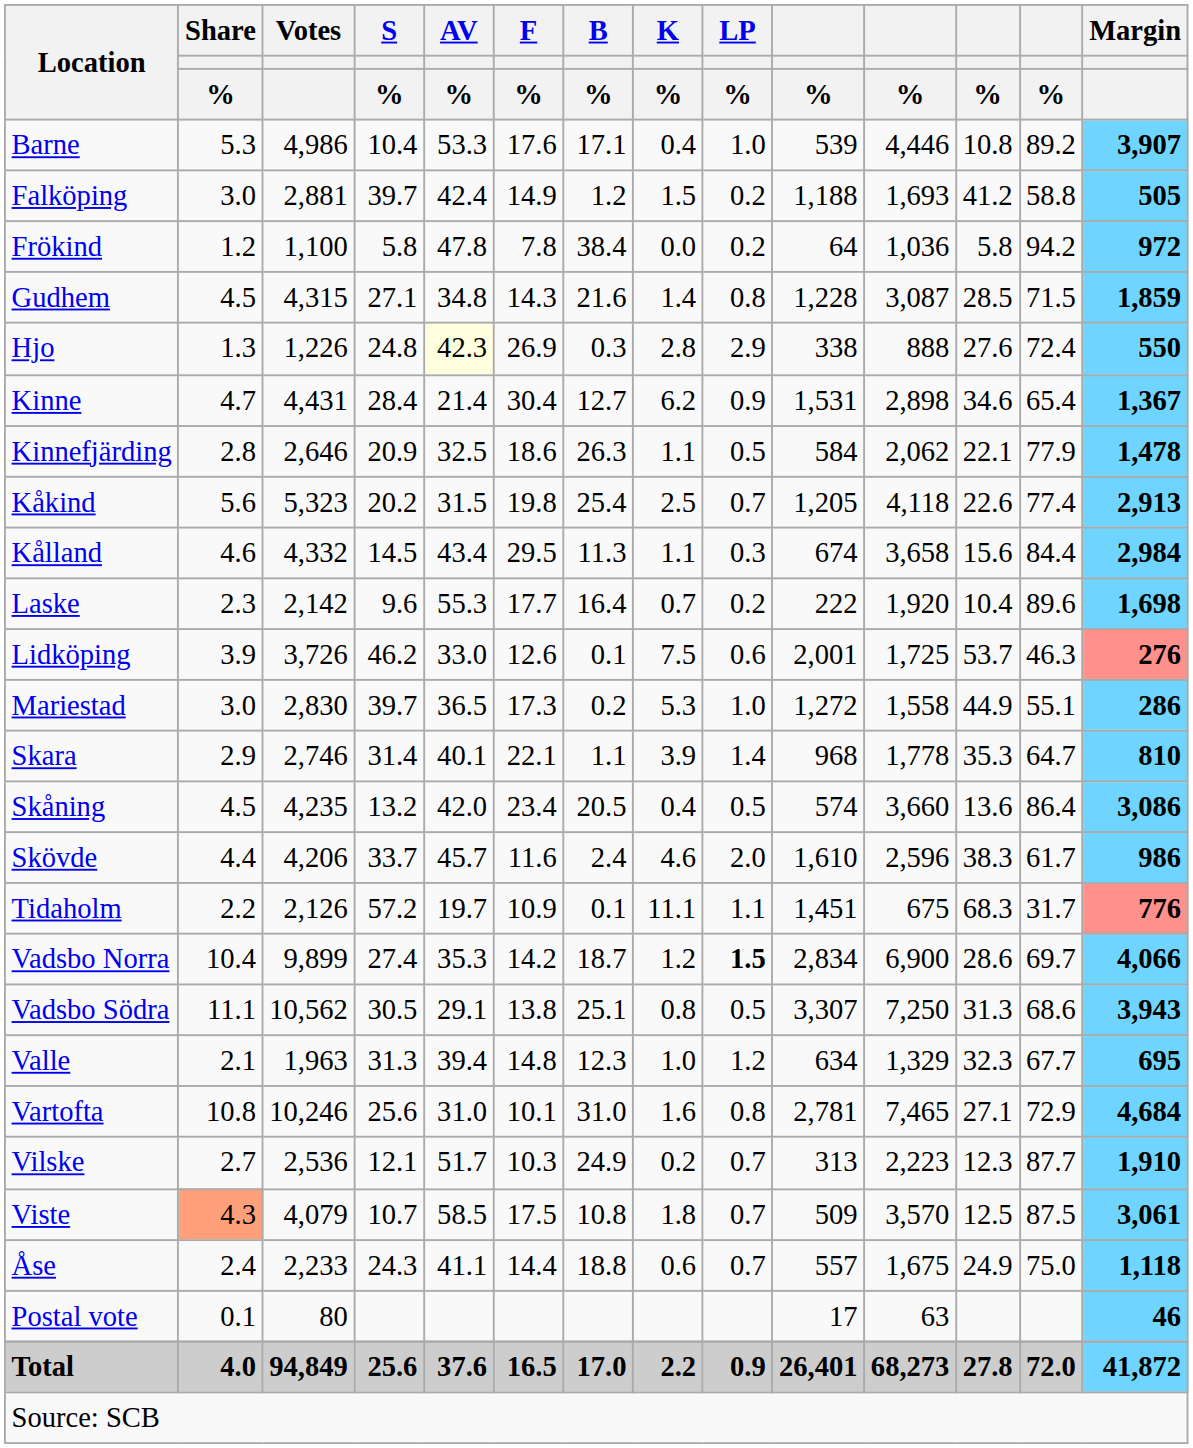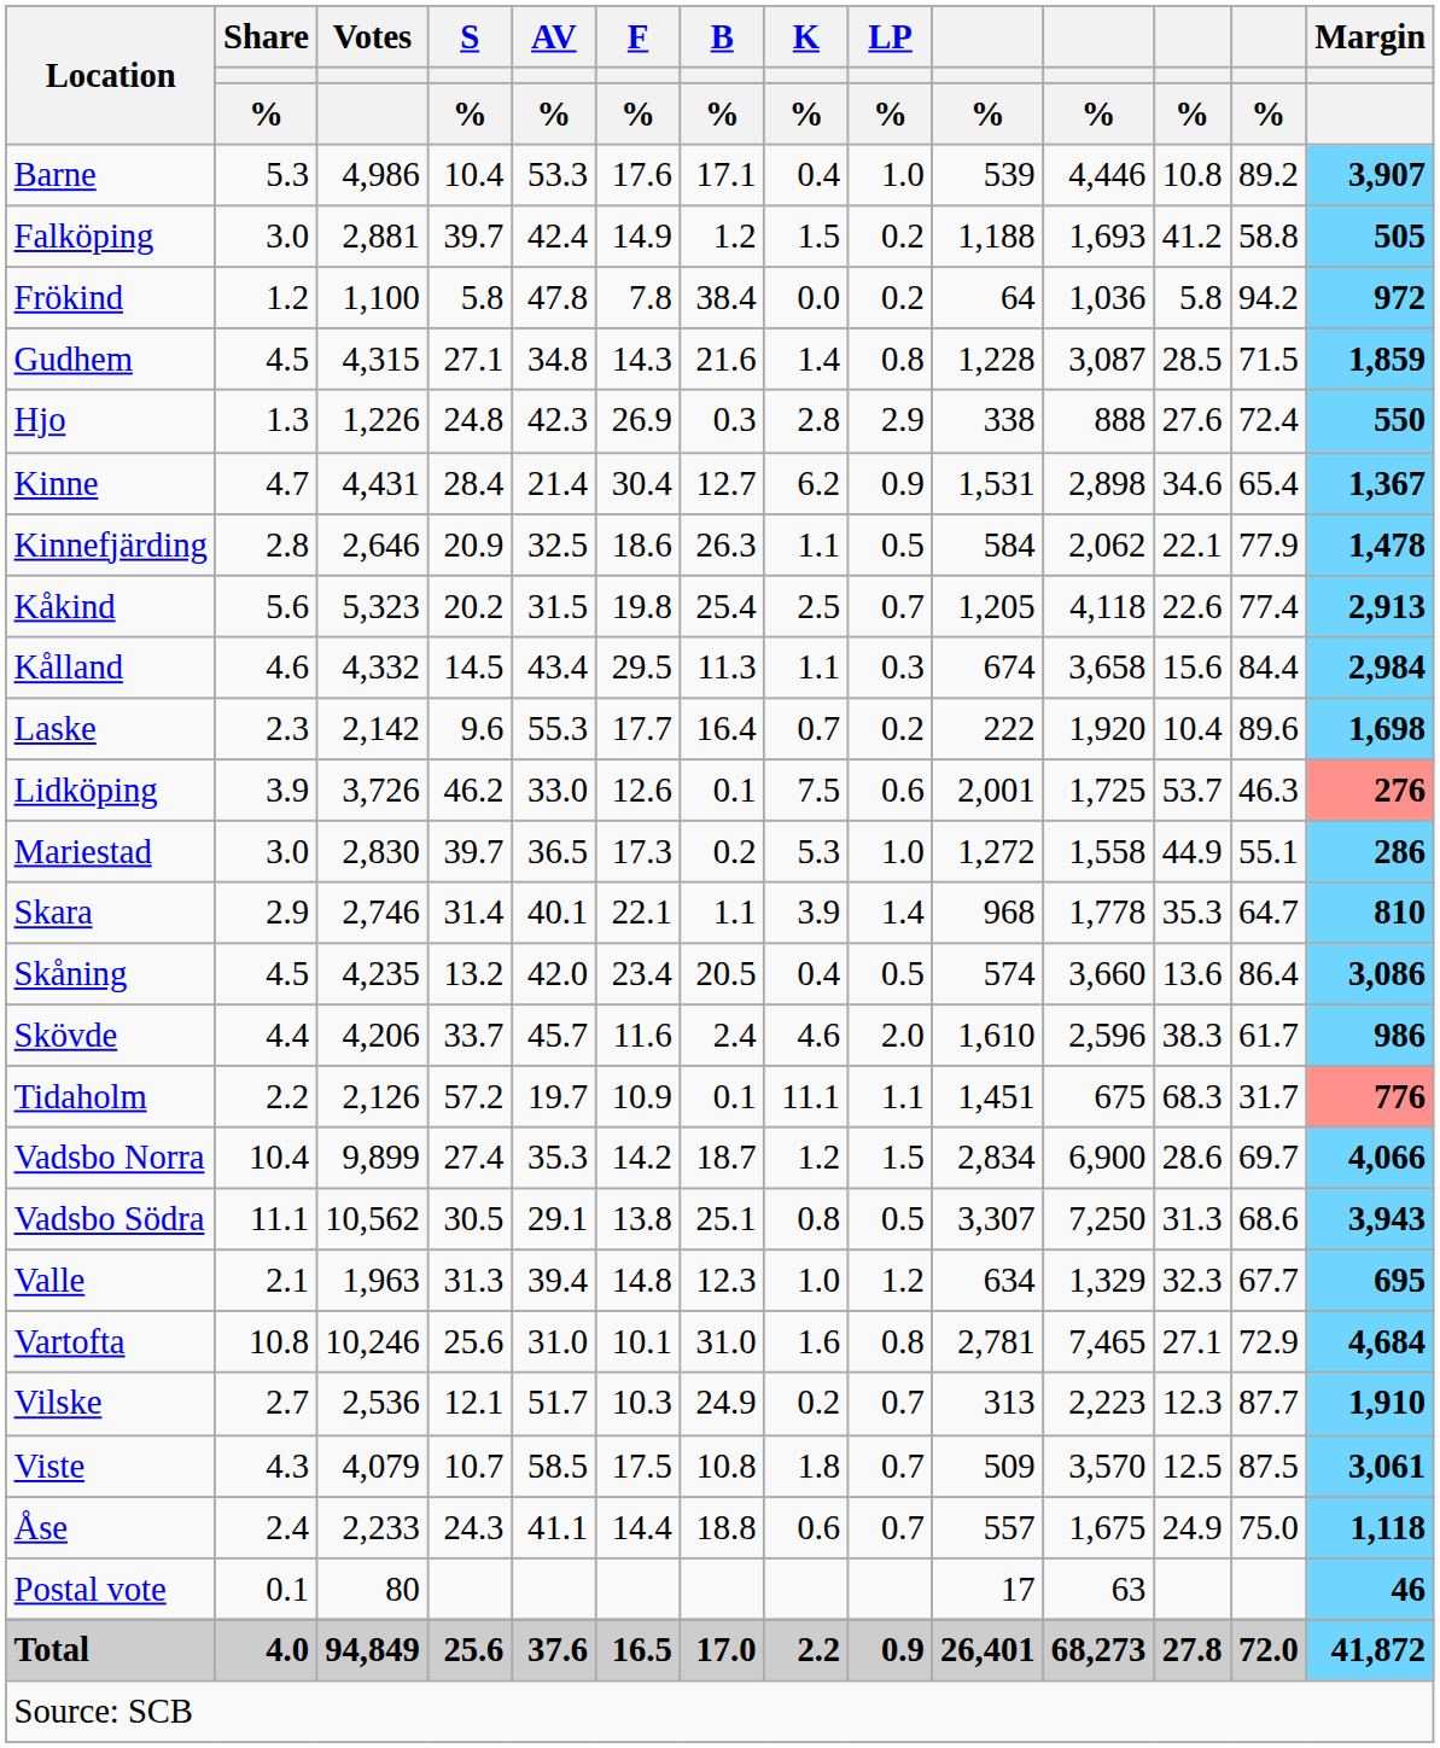 <table class="wikitable sortable" style="text-align:right; font-size:95%; line-height:20px;">
 <tr>
 <th rowspan="3">Location</th>
 <th>Share</th>
 <th>Votes</th>
 <th width="30px" class="unsortable"><a href='#'>S</a></th>
 <th width="30px" class="unsortable"><a href='#'>AV</a></th>
 <th width="30px" class="unsortable"><a href='#'>F</a></th>
 <th width="30px" class="unsortable"><a href='#'>B</a></th>
 <th width="30px" class="unsortable"><a href='#'>K</a></th>
 <th width="30px" class="unsortable"><a href='#'>LP</a></th>
 <th></th>
 <th></th>
 <th></th>
 <th></th>
 <th>Margin</th>
 </tr>
 <tr>
 <th></th>
 <th></th>
 <th style="background:"></th>
 <th style="background:"></th>
 <th style="background:"></th>
 <th style="background:"></th>
 <th style="background:"></th>
 <th style="background:"></th>
 <th style="background:"></th>
 <th style="background:"></th>
 <th style="background:"></th>
 <th style="background:"></th>
 <th></th>
 </tr>
 <tr>
 <th data-sort-type="number">%</th>
 <th></th>
 <th data-sort-type="number">%</th>
 <th data-sort-type="number">%</th>
 <th data-sort-type="number">%</th>
 <th data-sort-type="number">%</th>
 <th data-sort-type="number">%</th>
 <th data-sort-type="number">%</th>
 <th data-sort-type="number">%</th>
 <th data-sort-type="number">%</th>
 <th data-sort-type="number">%</th>
 <th data-sort-type="number">%</th>
 <th></th>
 </tr>
 <tr>
 <td align=left><a href='#'>Barne</a></td>
 <td>5.3</td>
 <td>4,986</td>
 <td>10.4</td>
 <td>53.3</td>
 <td>17.6</td>
 <td>17.1</td>
 <td>0.4</td>
 <td>1.0</td>
 <td>539</td>
 <td>4,446</td>
 <td>10.8</td>
 <td>89.2</td>
 <td bgcolor=#6fd5fe><strong>3,907</strong></td>
 </tr>
 <tr>
 <td align=left><a href='#'>Falköping</a></td>
 <td>3.0</td>
 <td>2,881</td>
 <td>39.7</td>
 <td>42.4</td>
 <td>14.9</td>
 <td>1.2</td>
 <td>1.5</td>
 <td>0.2</td>
 <td>1,188</td>
 <td>1,693</td>
 <td>41.2</td>
 <td>58.8</td>
 <td bgcolor=#6fd5fe><strong>505</strong></td>
 </tr>
 <tr>
 <td align=left><a href='#'>Frökind</a></td>
 <td>1.2</td>
 <td>1,100</td>
 <td>5.8</td>
 <td>47.8</td>
 <td>7.8</td>
 <td>38.4</td>
 <td>0.0</td>
 <td>0.2</td>
 <td>64</td>
 <td>1,036</td>
 <td>5.8</td>
 <td>94.2</td>
 <td bgcolor=#6fd5fe><strong>972</strong></td>
 </tr>
 <tr>
 <td align=left><a href='#'>Gudhem</a></td>
 <td>4.5</td>
 <td>4,315</td>
 <td>27.1</td>
 <td>34.8</td>
 <td>14.3</td>
 <td>21.6</td>
 <td>1.4</td>
 <td>0.8</td>
 <td>1,228</td>
 <td>3,087</td>
 <td>28.5</td>
 <td>71.5</td>
 <td bgcolor=#6fd5fe><strong>1,859</strong></td>
 </tr>
 <tr>
 <td align=left><a href='#'>Hjo</a></td>
 <td>1.3</td>
 <td>1,226</td>
 <td>24.8</td>
-<td style="background: lightyellow;">42.3</td>
+<td>42.3</td>
 <td>26.9</td>
 <td>0.3</td>
 <td>2.8</td>
 <td>2.9</td>
 <td>338</td>
 <td>888</td>
 <td>27.6</td>
 <td>72.4</td>
 <td bgcolor=#6fd5fe><strong>550</strong></td>
 </tr>
 <tr>
 <td align=left><a href='#'>Kinne</a></td>
 <td>4.7</td>
 <td>4,431</td>
 <td>28.4</td>
 <td>21.4</td>
 <td>30.4</td>
 <td>12.7</td>
 <td>6.2</td>
 <td>0.9</td>
 <td>1,531</td>
 <td>2,898</td>
 <td>34.6</td>
 <td>65.4</td>
 <td bgcolor=#6fd5fe><strong>1,367</strong></td>
 </tr>
 <tr>
 <td align=left><a href='#'>Kinnefjärding</a></td>
 <td>2.8</td>
 <td>2,646</td>
 <td>20.9</td>
 <td>32.5</td>
 <td>18.6</td>
 <td>26.3</td>
 <td>1.1</td>
 <td>0.5</td>
 <td>584</td>
 <td>2,062</td>
 <td>22.1</td>
 <td>77.9</td>
 <td bgcolor=#6fd5fe><strong>1,478</strong></td>
 </tr>
 <tr>
 <td align=left><a href='#'>Kåkind</a></td>
 <td>5.6</td>
 <td>5,323</td>
 <td>20.2</td>
 <td>31.5</td>
 <td>19.8</td>
 <td>25.4</td>
 <td>2.5</td>
 <td>0.7</td>
 <td>1,205</td>
 <td>4,118</td>
 <td>22.6</td>
 <td>77.4</td>
 <td bgcolor=#6fd5fe><strong>2,913</strong></td>
 </tr>
 <tr>
 <td align=left><a href='#'>Kålland</a></td>
 <td>4.6</td>
 <td>4,332</td>
 <td>14.5</td>
 <td>43.4</td>
 <td>29.5</td>
 <td>11.3</td>
 <td>1.1</td>
 <td>0.3</td>
 <td>674</td>
 <td>3,658</td>
 <td>15.6</td>
 <td>84.4</td>
 <td bgcolor=#6fd5fe><strong>2,984</strong></td>
 </tr>
 <tr>
 <td align=left><a href='#'>Laske</a></td>
 <td>2.3</td>
 <td>2,142</td>
 <td>9.6</td>
 <td>55.3</td>
 <td>17.7</td>
 <td>16.4</td>
 <td>0.7</td>
 <td>0.2</td>
 <td>222</td>
 <td>1,920</td>
 <td>10.4</td>
 <td>89.6</td>
 <td bgcolor=#6fd5fe><strong>1,698</strong></td>
 </tr>
 <tr>
 <td align=left><a href='#'>Lidköping</a></td>
 <td>3.9</td>
 <td>3,726</td>
 <td>46.2</td>
 <td>33.0</td>
 <td>12.6</td>
 <td>0.1</td>
 <td>7.5</td>
 <td>0.6</td>
 <td>2,001</td>
 <td>1,725</td>
 <td>53.7</td>
 <td>46.3</td>
 <td bgcolor=#ff908c><strong>276</strong></td>
 </tr>
 <tr>
 <td align=left><a href='#'>Mariestad</a></td>
 <td>3.0</td>
 <td>2,830</td>
 <td>39.7</td>
 <td>36.5</td>
 <td>17.3</td>
 <td>0.2</td>
 <td>5.3</td>
 <td>1.0</td>
 <td>1,272</td>
 <td>1,558</td>
 <td>44.9</td>
 <td>55.1</td>
 <td bgcolor=#6fd5fe><strong>286</strong></td>
 </tr>
 <tr>
 <td align=left><a href='#'>Skara</a></td>
 <td>2.9</td>
 <td>2,746</td>
 <td>31.4</td>
 <td>40.1</td>
 <td>22.1</td>
 <td>1.1</td>
 <td>3.9</td>
 <td>1.4</td>
 <td>968</td>
 <td>1,778</td>
 <td>35.3</td>
 <td>64.7</td>
 <td bgcolor=#6fd5fe><strong>810</strong></td>
 </tr>
 <tr>
 <td align=left><a href='#'>Skåning</a></td>
 <td>4.5</td>
 <td>4,235</td>
 <td>13.2</td>
 <td>42.0</td>
 <td>23.4</td>
 <td>20.5</td>
 <td>0.4</td>
 <td>0.5</td>
 <td>574</td>
 <td>3,660</td>
 <td>13.6</td>
 <td>86.4</td>
 <td bgcolor=#6fd5fe><strong>3,086</strong></td>
 </tr>
 <tr>
 <td align=left><a href='#'>Skövde</a></td>
 <td>4.4</td>
 <td>4,206</td>
 <td>33.7</td>
 <td>45.7</td>
 <td>11.6</td>
 <td>2.4</td>
 <td>4.6</td>
 <td>2.0</td>
 <td>1,610</td>
 <td>2,596</td>
 <td>38.3</td>
 <td>61.7</td>
 <td bgcolor=#6fd5fe><strong>986</strong></td>
 </tr>
 <tr>
 <td align=left><a href='#'>Tidaholm</a></td>
 <td>2.2</td>
 <td>2,126</td>
 <td>57.2</td>
 <td>19.7</td>
 <td>10.9</td>
 <td>0.1</td>
 <td>11.1</td>
 <td>1.1</td>
 <td>1,451</td>
 <td>675</td>
 <td>68.3</td>
 <td>31.7</td>
 <td bgcolor=#ff908c><strong>776</strong></td>
 </tr>
 <tr>
 <td align=left><a href='#'>Vadsbo Norra</a></td>
 <td>10.4</td>
 <td>9,899</td>
 <td>27.4</td>
 <td>35.3</td>
 <td>14.2</td>
 <td>18.7</td>
 <td>1.2</td>
-<td><strong>1.5</strong></td>
+<td>1.5</td>
 <td>2,834</td>
 <td>6,900</td>
 <td>28.6</td>
 <td>69.7</td>
 <td bgcolor=#6fd5fe><strong>4,066</strong></td>
 </tr>
 <tr>
 <td align=left><a href='#'>Vadsbo Södra</a></td>
 <td>11.1</td>
 <td>10,562</td>
 <td>30.5</td>
 <td>29.1</td>
 <td>13.8</td>
 <td>25.1</td>
 <td>0.8</td>
 <td>0.5</td>
 <td>3,307</td>
 <td>7,250</td>
 <td>31.3</td>
 <td>68.6</td>
 <td bgcolor=#6fd5fe><strong>3,943</strong></td>
 </tr>
 <tr>
 <td align=left><a href='#'>Valle</a></td>
 <td>2.1</td>
 <td>1,963</td>
 <td>31.3</td>
 <td>39.4</td>
 <td>14.8</td>
 <td>12.3</td>
 <td>1.0</td>
 <td>1.2</td>
 <td>634</td>
 <td>1,329</td>
 <td>32.3</td>
 <td>67.7</td>
 <td bgcolor=#6fd5fe><strong>695</strong></td>
 </tr>
 <tr>
 <td align=left><a href='#'>Vartofta</a></td>
 <td>10.8</td>
 <td>10,246</td>
 <td>25.6</td>
 <td>31.0</td>
 <td>10.1</td>
 <td>31.0</td>
 <td>1.6</td>
 <td>0.8</td>
 <td>2,781</td>
 <td>7,465</td>
 <td>27.1</td>
 <td>72.9</td>
 <td bgcolor=#6fd5fe><strong>4,684</strong></td>
 </tr>
 <tr>
 <td align=left><a href='#'>Vilske</a></td>
 <td>2.7</td>
 <td>2,536</td>
 <td>12.1</td>
 <td>51.7</td>
 <td>10.3</td>
 <td>24.9</td>
 <td>0.2</td>
 <td>0.7</td>
 <td>313</td>
 <td>2,223</td>
 <td>12.3</td>
 <td>87.7</td>
 <td bgcolor=#6fd5fe><strong>1,910</strong></td>
 </tr>
 <tr>
 <td align=left><a href='#'>Viste</a></td>
-<td style="background: lightsalmon;">4.3</td>
+<td>4.3</td>
 <td>4,079</td>
 <td>10.7</td>
 <td>58.5</td>
 <td>17.5</td>
 <td>10.8</td>
 <td>1.8</td>
 <td>0.7</td>
 <td>509</td>
 <td>3,570</td>
 <td>12.5</td>
 <td>87.5</td>
 <td bgcolor=#6fd5fe><strong>3,061</strong></td>
 </tr>
 <tr>
 <td align=left><a href='#'>Åse</a></td>
 <td>2.4</td>
 <td>2,233</td>
 <td>24.3</td>
 <td>41.1</td>
 <td>14.4</td>
 <td>18.8</td>
 <td>0.6</td>
 <td>0.7</td>
 <td>557</td>
 <td>1,675</td>
 <td>24.9</td>
 <td>75.0</td>
 <td bgcolor=#6fd5fe><strong>1,118</strong></td>
 </tr>
 <tr>
 <td align=left><a href='#'>Postal vote</a></td>
 <td>0.1</td>
 <td>80</td>
 <td></td>
 <td></td>
 <td></td>
 <td></td>
 <td></td>
 <td></td>
 <td>17</td>
 <td>63</td>
 <td></td>
 <td></td>
 <td bgcolor=#6fd5fe><strong>46</strong></td>
 </tr>
 <tr>
 </tr>
 <tr style="background:#CDCDCD;">
 <td align=left><strong>Total</strong></td>
 <td><strong>4.0</strong></td>
 <td><strong>94,849</strong></td>
 <td><strong>25.6</strong></td>
 <td><strong>37.6</strong></td>
 <td><strong>16.5</strong></td>
 <td><strong>17.0</strong></td>
 <td><strong>2.2</strong></td>
 <td><strong>0.9</strong></td>
 <td><strong>26,401</strong></td>
 <td><strong>68,273</strong></td>
 <td><strong>27.8</strong></td>
 <td><strong>72.0</strong></td>
 <td bgcolor=#6fd5fe><strong>41,872</strong></td>
 </tr>
 <tr>
 <td align=left colspan=14>Source: SCB </td>
 </tr>
 </table>
